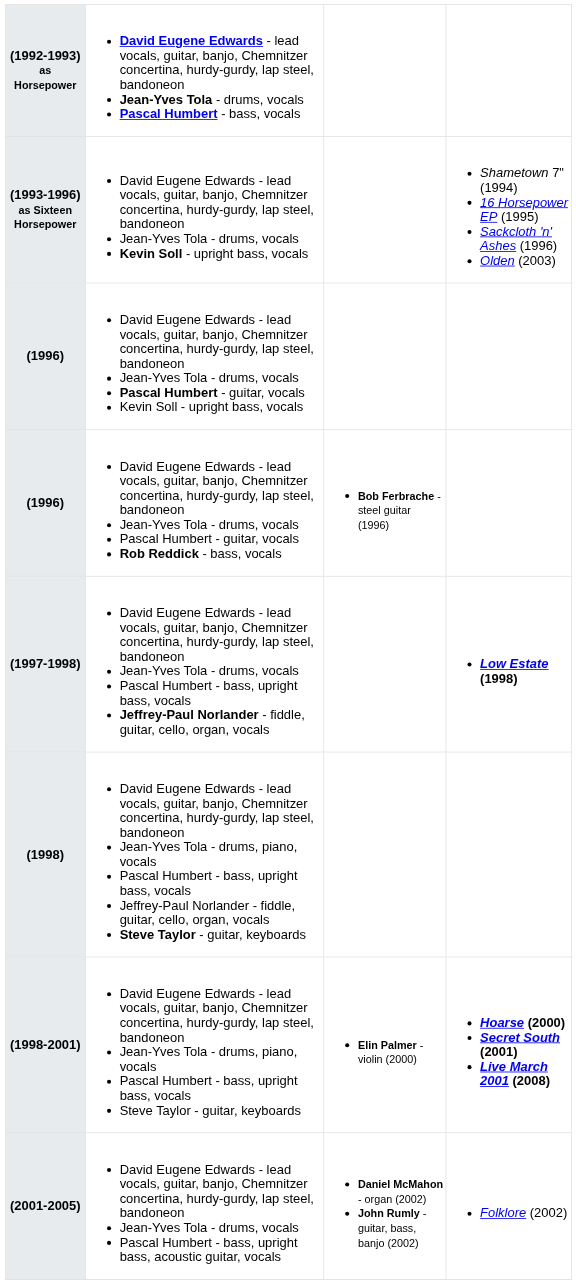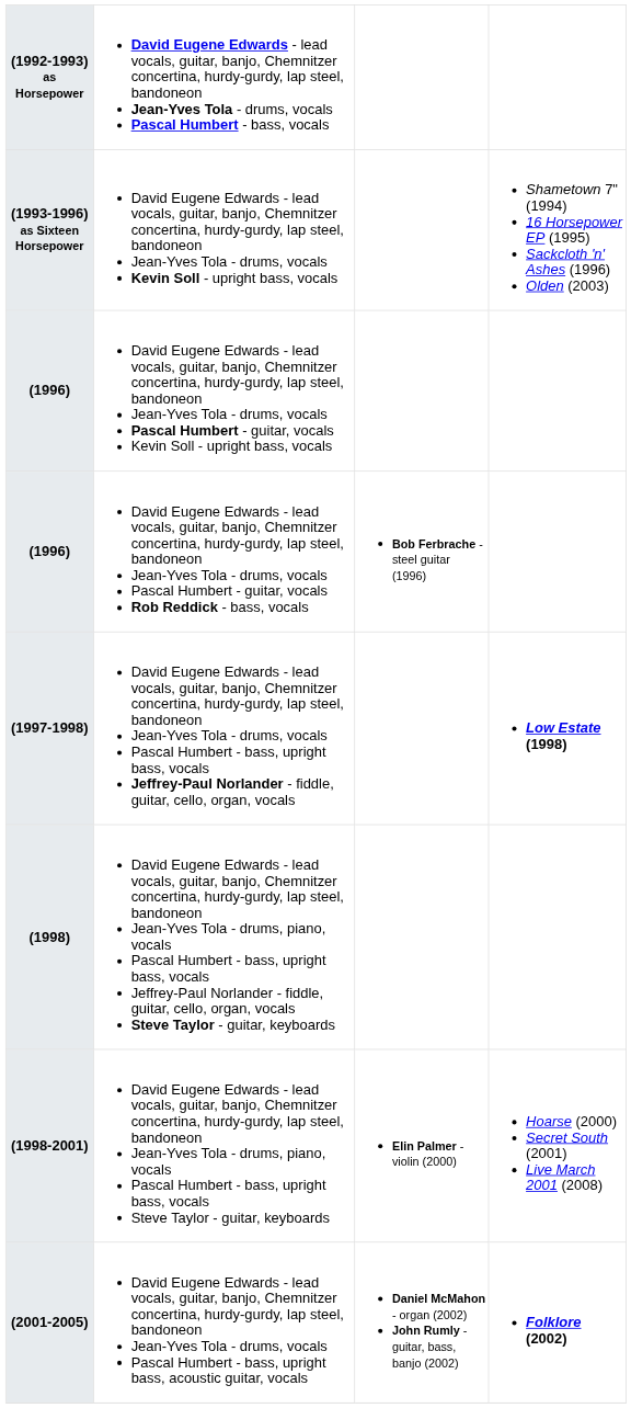 <table class="toccolours"  border=1 cellpadding=2 cellspacing=0 style="width: 700px; margin: 0 0 1em 1em; border-collapse: collapse; border: 1px solid #E2E2E2;">
 <tr>
 <th bgcolor="#E7EBEE">(1992-1993)<br><small>as Horsepower</small></th>
 <td><br><ul><li><strong><a href='#'>David Eugene Edwards</a></strong> - lead vocals, guitar, banjo, Chemnitzer concertina, hurdy-gurdy, lap steel, bandoneon</li><li><strong>Jean-Yves Tola</strong> -  drums, vocals</li><li><strong><a href='#'>Pascal Humbert</a></strong> - bass, vocals</li></ul></td>
 <td></td>
 <td></td>
 </tr>
 <tr>
 <th bgcolor="#E7EBEE">(1993-1996)<br><small>as Sixteen Horsepower</small><br></th>
 <td><br><ul><li>David Eugene Edwards - lead vocals, guitar, banjo, Chemnitzer concertina, hurdy-gurdy, lap steel, bandoneon</li><li>Jean-Yves Tola -  drums, vocals</li><li><strong>Kevin Soll</strong> - upright bass, vocals</li></ul></td>
 <td></td>
 <td><br><ul><li><em>Shametown</em> 7" (1994)</li><li><em><a href='#'>16 Horsepower EP</a></em> (1995)</li><li><em><a href='#'>Sackcloth 'n' Ashes</a></em> (1996)</li><li><em><a href='#'>Olden</a></em> (2003)</li></ul></td>
 </tr>
 <tr>
 <th bgcolor="#E7EBEE">(1996)</th>
 <td><br><ul><li>David Eugene Edwards - lead vocals, guitar, banjo, Chemnitzer concertina, hurdy-gurdy, lap steel, bandoneon</li><li>Jean-Yves Tola -  drums, vocals</li><li><strong>Pascal Humbert</strong> - guitar, vocals</li><li>Kevin Soll - upright bass, vocals</li></ul></td>
 <td></td>
 <td></td>
 </tr>
 <tr>
 <th bgcolor="#E7EBEE">(1996)</th>
 <td><br><ul><li>David Eugene Edwards - lead vocals, guitar, banjo, Chemnitzer concertina, hurdy-gurdy, lap steel, bandoneon</li><li>Jean-Yves Tola -  drums, vocals</li><li>Pascal Humbert - guitar, vocals</li><li><strong>Rob Reddick</strong> - bass, vocals</li></ul></td>
 <td><br><ul><li><small><strong>Bob Ferbrache</strong> - steel guitar (1996)</small></li></ul></td>
 <td></td>
 </tr>
 <tr>
 <th bgcolor="#E7EBEE">(1997-1998)</th>
 <td><br><ul><li>David Eugene Edwards - lead vocals, guitar, banjo, Chemnitzer concertina, hurdy-gurdy, lap steel, bandoneon</li><li>Jean-Yves Tola -  drums, vocals</li><li>Pascal Humbert - bass, upright bass, vocals</li><li><strong>Jeffrey-Paul Norlander</strong> - fiddle, guitar, cello, organ, vocals</li></ul></td>
 <td></td>
 <td><strong><br><ul><li><em><a href='#'>Low Estate</a></em> (1998)</li></ul></strong></td>
 </tr>
 <tr>
 <th bgcolor="#E7EBEE">(1998)</th>
 <td><br><ul><li>David Eugene Edwards - lead vocals, guitar, banjo, Chemnitzer concertina, hurdy-gurdy, lap steel, bandoneon</li><li>Jean-Yves Tola -  drums, piano, vocals</li><li>Pascal Humbert - bass, upright bass, vocals</li><li>Jeffrey-Paul Norlander - fiddle, guitar, cello, organ, vocals</li><li><strong>Steve Taylor</strong> - guitar, keyboards</li></ul></td>
 <td></td>
 <td></td>
 </tr>
 <tr>
 <th bgcolor="#E7EBEE">(1998-2001)</th>
 <td><br><ul><li>David Eugene Edwards - lead vocals, guitar, banjo, Chemnitzer concertina, hurdy-gurdy, lap steel, bandoneon</li><li>Jean-Yves Tola -  drums, piano, vocals</li><li>Pascal Humbert - bass, upright bass, vocals</li><li>Steve Taylor - guitar, keyboards</li></ul></td>
 <td><br><ul><li><small><strong>Elin Palmer</strong> - violin (2000)</small></li></ul></td>
-<td><strong><br><ul><li><em><a href='#'>Hoarse</a></em> (2000)</li><li><em><a href='#'>Secret South</a></em> (2001)</li><li><em><a href='#'>Live March 2001</a></em> (2008)</li></ul></strong></td>
+<td><br><ul><li><em><a href='#'>Hoarse</a></em> (2000)</li><li><em><a href='#'>Secret South</a></em> (2001)</li><li><em><a href='#'>Live March 2001</a></em> (2008)</li></ul></td>
 </tr>
 <tr>
 <th bgcolor="#E7EBEE">(2001-2005)</th>
 <td><br><ul><li>David Eugene Edwards - lead vocals, guitar, banjo, Chemnitzer concertina, hurdy-gurdy, lap steel, bandoneon</li><li>Jean-Yves Tola -  drums, vocals</li><li>Pascal Humbert - bass, upright bass, acoustic guitar, vocals</li></ul></td>
 <td><br><ul><li><small><strong>Daniel McMahon</strong> - organ (2002)</small></li><li><small><strong>John Rumly</strong> - guitar, bass, banjo (2002)</small></li></ul></td>
-<td><br><ul><li><em><a href='#'>Folklore</a></em> (2002)</li></ul></td>
+<td><strong><br><ul><li><em><a href='#'>Folklore</a></em> (2002)</li></ul></strong></td>
 </tr>
 <tr>
 </tr>
 </table>
